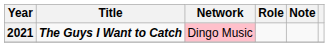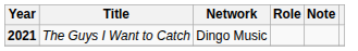 <table class="wikitable plainrowheaders sortable nowrap">
 <tr>
 <th scope="col">Year</th>
 <th scope="col">Title</th>
 <th scope="col">Network</th>
 <th scope="col">Role</th>
 <th scope="col">Note</th>
 <th scope="col" class="unsortable"></th>
 </tr>
 <tr>
 <th scope="row">2021</th>
-<td><strong><em>The Guys I Want to Catch</em></strong></td>
-<td style="background: pink;">Dingo Music</td>
+<td><em>The Guys I Want to Catch</em></td>
+<td>Dingo Music</td>
 <td></td>
 <td></td>
 <td></td>
 </tr>
 <tr>
 </tr>
 </table>
